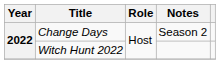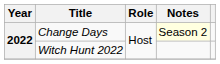 <table class="wikitable sortable plainrowheaders">
 <tr>
 <th scope="col">Year</th>
 <th scope="col">Title</th>
 <th scope="col">Role</th>
 <th scope="col">Notes</th>
 <th scope="col" class="unsortable"></th>
 </tr>
 <tr>
 <th scope="row" rowspan=2>2022</th>
 <td><em>Change Days</em></td>
 <td rowspan=2>Host</td>
-<td>Season 2</td>
+<td style="background: lightyellow;">Season 2</td>
 <td style="text-align:center"></td>
 </tr>
 <tr>
 <td><em>Witch Hunt 2022</em></td>
 <td></td>
 <td style="text-align:center"></td>
 </tr>
 <tr>
 </tr>
 </table>
